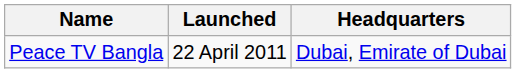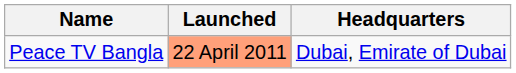 <table class="sortable plainrowheaders wikitable">
 <tr>
 <th>Name</th>
 <th>Launched</th>
 <th>Headquarters</th>
 </tr>
 <tr>
 <td><a href='#'>Peace TV Bangla</a></td>
-<td>22 April 2011</td>
+<td style="background: lightsalmon;">22 April 2011</td>
 <td rowspan="3"><a href='#'>Dubai</a>, <a href='#'>Emirate of Dubai</a></td>
 </tr>
 </table>
